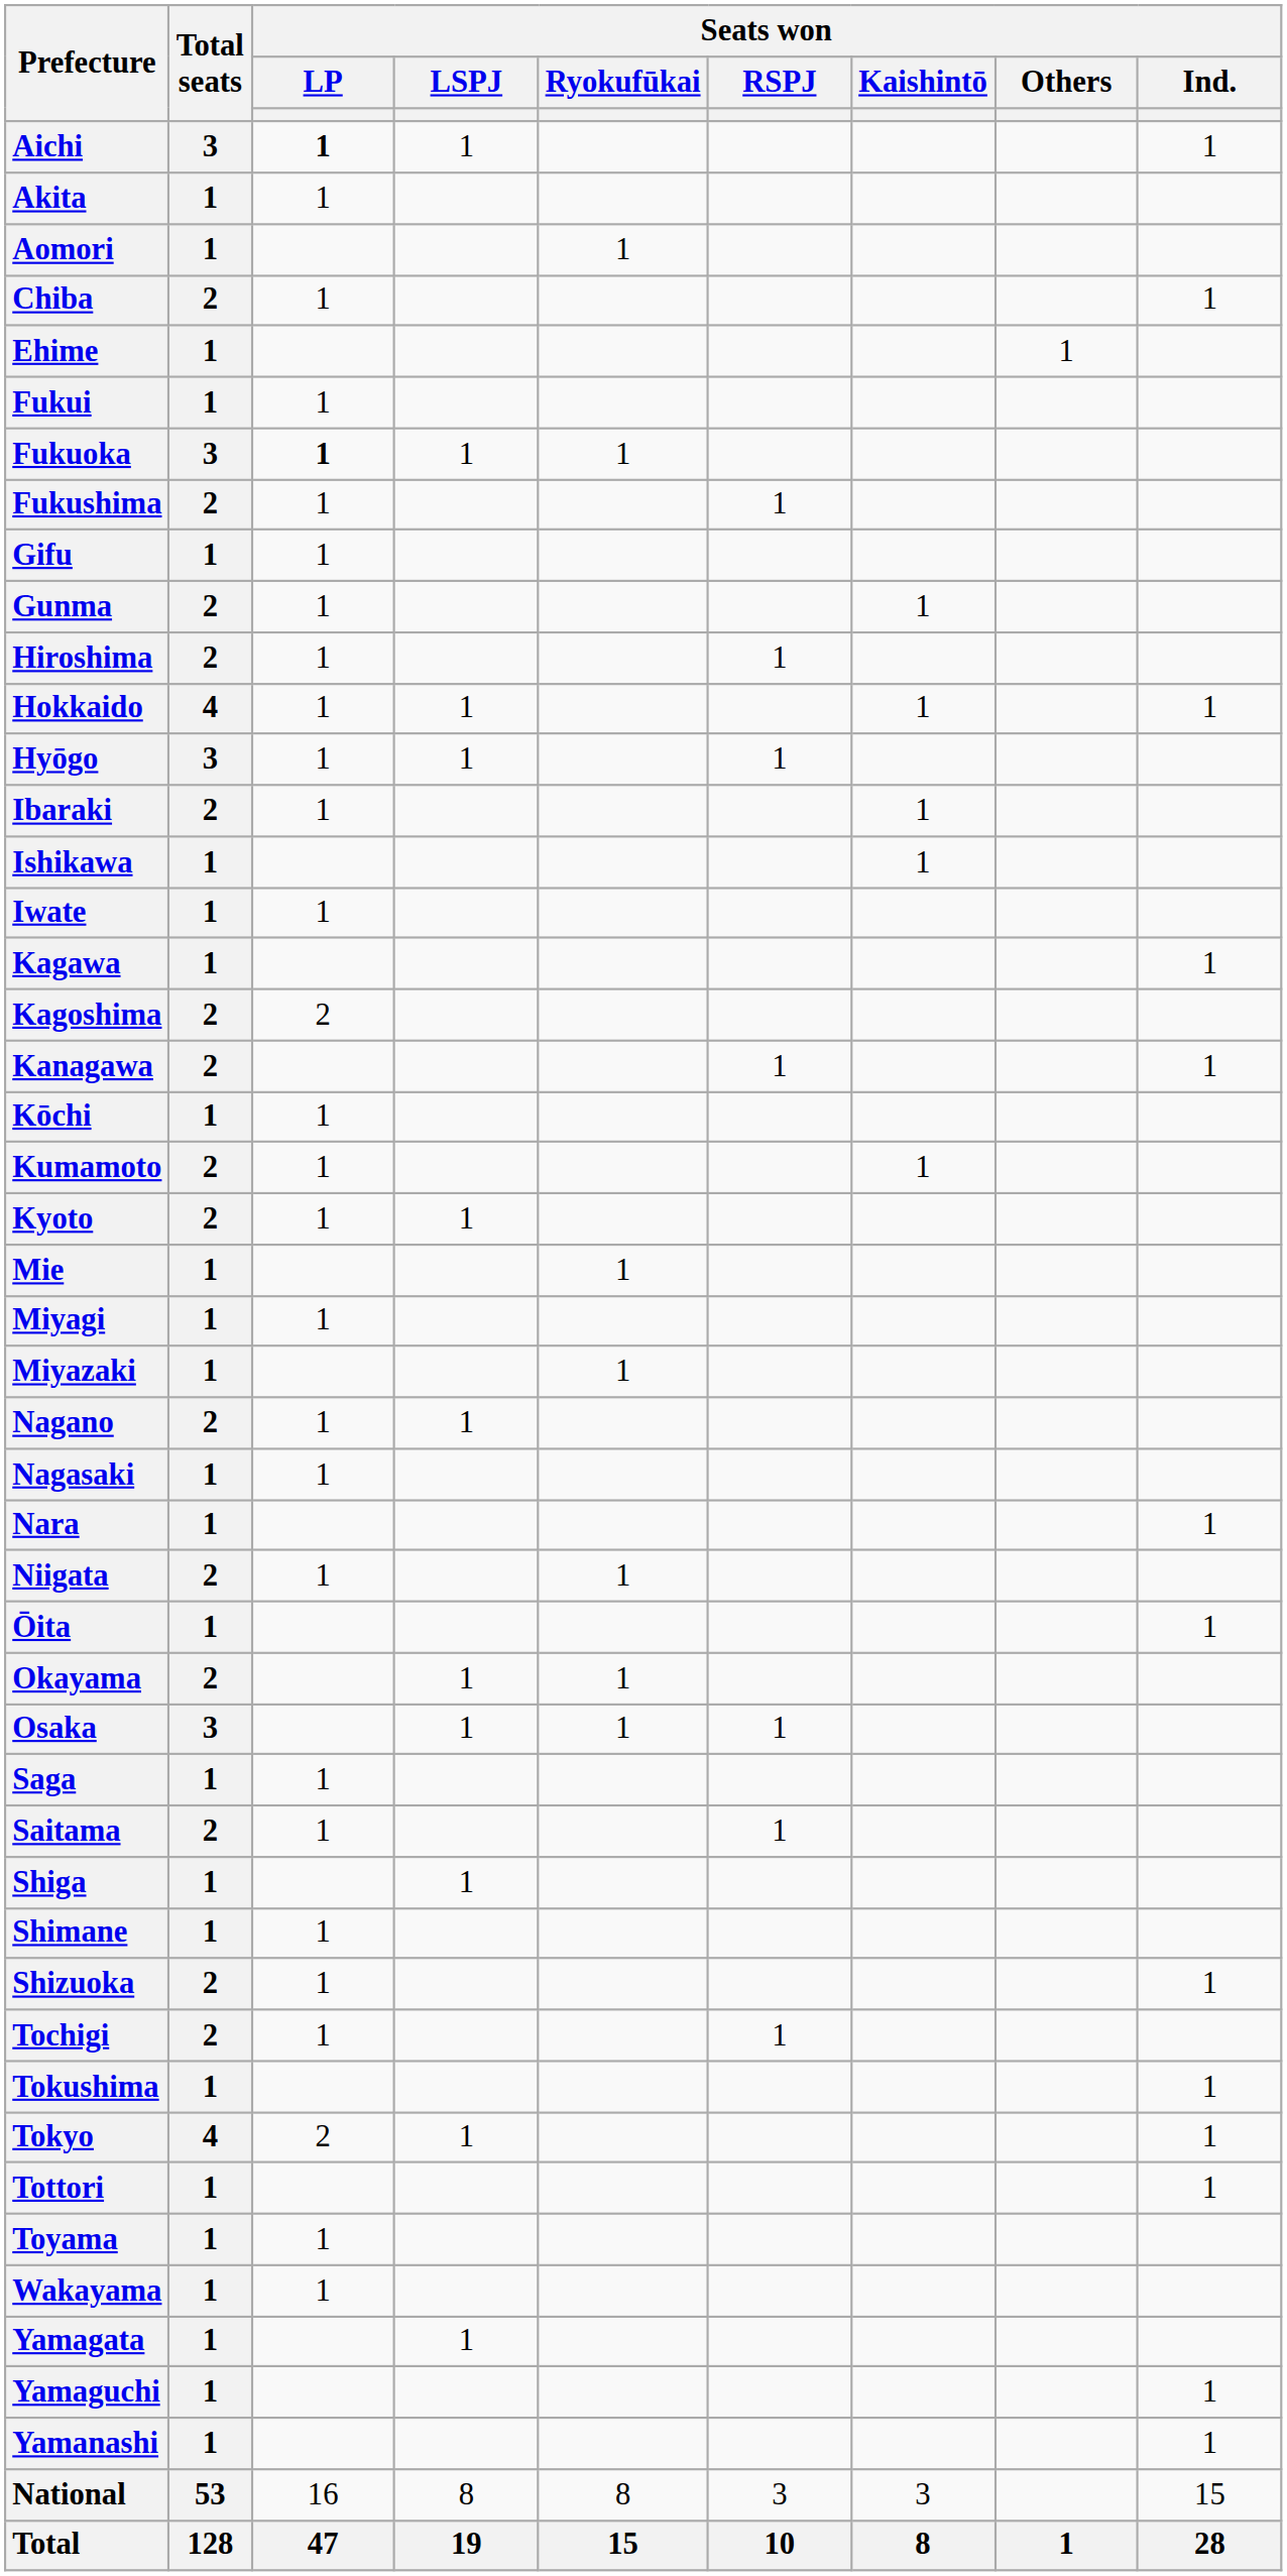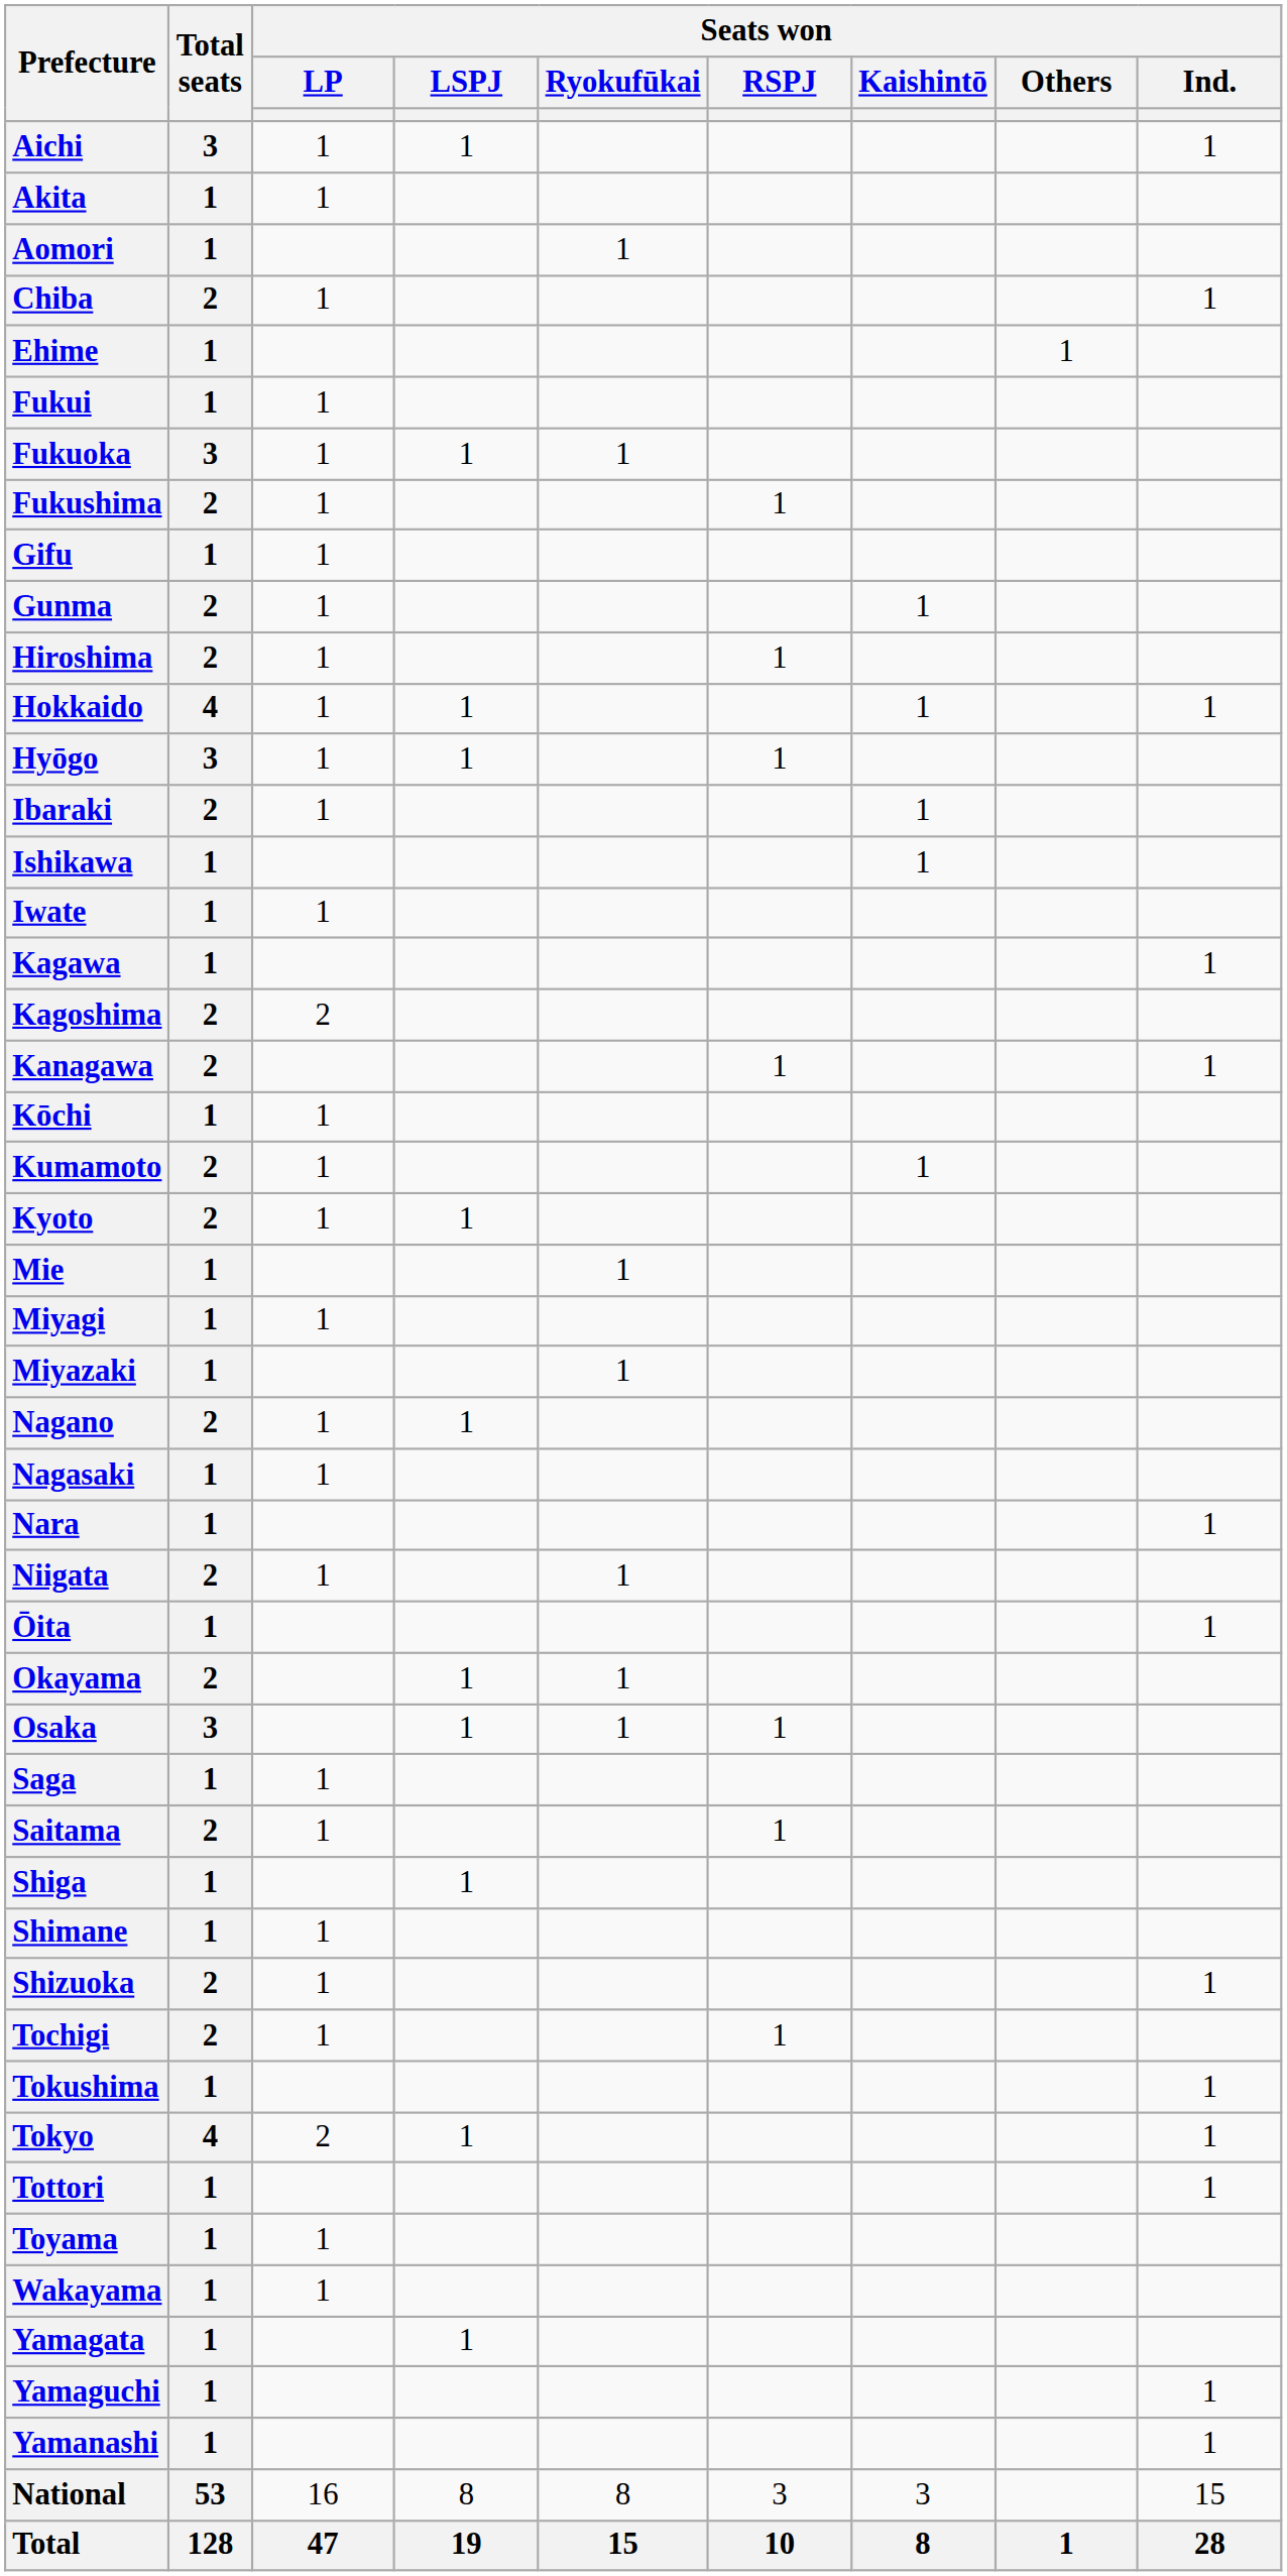 <table class="wikitable" style="text-align:center; font-size: 0.9em;">
 <tr>
 <th rowspan="3">Prefecture</th>
 <th rowspan="3">Total<br>seats</th>
 <th colspan="7">Seats won</th>
 </tr>
 <tr>
 <th class="unsortable" style="width:60px;"><a href='#'>LP</a></th>
 <th class="unsortable" style="width:60px;"><a href='#'>LSPJ</a></th>
 <th class="unsortable" style="width:60px;"><a href='#'>Ryokufūkai</a></th>
 <th class="unsortable" style="width:60px;"><a href='#'>RSPJ</a></th>
 <th class="unsortable" style="width:60px;"><a href='#'>Kaishintō</a></th>
 <th class="unsortable" style="width:60px;">Others</th>
 <th class="unsortable" style="width:60px;">Ind.</th>
 </tr>
 <tr>
 <th style="background:"></th>
 <th style="background:"></th>
 <th style="background:"></th>
 <th style="background:"></th>
 <th style="background:"></th>
 <th></th>
 <th style="background:"></th>
 </tr>
 <tr>
 <th style="text-align: left;"><a href='#'>Aichi</a></th>
 <th>3</th>
-<td><strong>1</strong></td>
+<td>1</td>
 <td>1</td>
 <td></td>
 <td></td>
 <td></td>
 <td></td>
 <td>1</td>
 </tr>
 <tr>
 <th style="text-align: left;"><a href='#'>Akita</a></th>
 <th>1</th>
 <td>1</td>
 <td></td>
 <td></td>
 <td></td>
 <td></td>
 <td></td>
 <td></td>
 </tr>
 <tr>
 <th style="text-align: left;"><a href='#'>Aomori</a></th>
 <th>1</th>
 <td></td>
 <td></td>
 <td>1</td>
 <td></td>
 <td></td>
 <td></td>
 <td></td>
 </tr>
 <tr>
 <th style="text-align: left;"><a href='#'>Chiba</a></th>
 <th>2</th>
 <td>1</td>
 <td></td>
 <td></td>
 <td></td>
 <td></td>
 <td></td>
 <td>1</td>
 </tr>
 <tr>
 <th style="text-align: left;"><a href='#'>Ehime</a></th>
 <th>1</th>
 <td></td>
 <td></td>
 <td></td>
 <td></td>
 <td></td>
 <td>1</td>
 <td></td>
 </tr>
 <tr>
 <th style="text-align: left;"><a href='#'>Fukui</a></th>
 <th>1</th>
 <td>1</td>
 <td></td>
 <td></td>
 <td></td>
 <td></td>
 <td></td>
 <td></td>
 </tr>
 <tr>
 <th style="text-align: left;"><a href='#'>Fukuoka</a></th>
 <th>3</th>
-<td><strong>1</strong></td>
+<td>1</td>
 <td>1</td>
 <td>1</td>
 <td></td>
 <td></td>
 <td></td>
 <td></td>
 </tr>
 <tr>
 <th style="text-align: left;"><a href='#'>Fukushima</a></th>
 <th>2</th>
 <td>1</td>
 <td></td>
 <td></td>
 <td>1</td>
 <td></td>
 <td></td>
 <td></td>
 </tr>
 <tr>
 <th style="text-align: left;"><a href='#'>Gifu</a></th>
 <th>1</th>
 <td>1</td>
 <td></td>
 <td></td>
 <td></td>
 <td></td>
 <td></td>
 <td></td>
 </tr>
 <tr>
 <th style="text-align: left;"><a href='#'>Gunma</a></th>
 <th>2</th>
 <td>1</td>
 <td></td>
 <td></td>
 <td></td>
 <td>1</td>
 <td></td>
 <td></td>
 </tr>
 <tr>
 <th style="text-align: left;"><a href='#'>Hiroshima</a></th>
 <th>2</th>
 <td>1</td>
 <td></td>
 <td></td>
 <td>1</td>
 <td></td>
 <td></td>
 <td></td>
 </tr>
 <tr>
 <th style="text-align: left;"><a href='#'>Hokkaido</a></th>
 <th>4</th>
 <td>1</td>
 <td>1</td>
 <td></td>
 <td></td>
 <td>1</td>
 <td></td>
 <td>1</td>
 </tr>
 <tr>
 <th style="text-align: left;"><a href='#'>Hyōgo</a></th>
 <th>3</th>
 <td>1</td>
 <td>1</td>
 <td></td>
 <td>1</td>
 <td></td>
 <td></td>
 <td></td>
 </tr>
 <tr>
 <th style="text-align: left;"><a href='#'>Ibaraki</a></th>
 <th>2</th>
 <td>1</td>
 <td></td>
 <td></td>
 <td></td>
 <td>1</td>
 <td></td>
 <td></td>
 </tr>
 <tr>
 <th style="text-align: left;"><a href='#'>Ishikawa</a></th>
 <th>1</th>
 <td></td>
 <td></td>
 <td></td>
 <td></td>
 <td>1</td>
 <td></td>
 <td></td>
 </tr>
 <tr>
 <th style="text-align: left;"><a href='#'>Iwate</a></th>
 <th>1</th>
 <td>1</td>
 <td></td>
 <td></td>
 <td></td>
 <td></td>
 <td></td>
 <td></td>
 </tr>
 <tr>
 <th style="text-align: left;"><a href='#'>Kagawa</a></th>
 <th>1</th>
 <td></td>
 <td></td>
 <td></td>
 <td></td>
 <td></td>
 <td></td>
 <td>1</td>
 </tr>
 <tr>
 <th style="text-align: left;"><a href='#'>Kagoshima</a></th>
 <th>2</th>
 <td>2</td>
 <td></td>
 <td></td>
 <td></td>
 <td></td>
 <td></td>
 <td></td>
 </tr>
 <tr>
 <th style="text-align: left;"><a href='#'>Kanagawa</a></th>
 <th>2</th>
 <td></td>
 <td></td>
 <td></td>
 <td>1</td>
 <td></td>
 <td></td>
 <td>1</td>
 </tr>
 <tr>
 <th style="text-align: left;"><a href='#'>Kōchi</a></th>
 <th>1</th>
 <td>1</td>
 <td></td>
 <td></td>
 <td></td>
 <td></td>
 <td></td>
 <td></td>
 </tr>
 <tr>
 <th style="text-align: left;"><a href='#'>Kumamoto</a></th>
 <th>2</th>
 <td>1</td>
 <td></td>
 <td></td>
 <td></td>
 <td>1</td>
 <td></td>
 <td></td>
 </tr>
 <tr>
 <th style="text-align: left;"><a href='#'>Kyoto</a></th>
 <th>2</th>
 <td>1</td>
 <td>1</td>
 <td></td>
 <td></td>
 <td></td>
 <td></td>
 <td></td>
 </tr>
 <tr>
 <th style="text-align: left;"><a href='#'>Mie</a></th>
 <th>1</th>
 <td></td>
 <td></td>
 <td>1</td>
 <td></td>
 <td></td>
 <td></td>
 <td></td>
 </tr>
 <tr>
 <th style="text-align: left;"><a href='#'>Miyagi</a></th>
 <th>1</th>
 <td>1</td>
 <td></td>
 <td></td>
 <td></td>
 <td></td>
 <td></td>
 <td></td>
 </tr>
 <tr>
 <th style="text-align: left;"><a href='#'>Miyazaki</a></th>
 <th>1</th>
 <td></td>
 <td></td>
 <td>1</td>
 <td></td>
 <td></td>
 <td></td>
 <td></td>
 </tr>
 <tr>
 <th style="text-align: left;"><a href='#'>Nagano</a></th>
 <th>2</th>
 <td>1</td>
 <td>1</td>
 <td></td>
 <td></td>
 <td></td>
 <td></td>
 <td></td>
 </tr>
 <tr>
 <th style="text-align: left;"><a href='#'>Nagasaki</a></th>
 <th>1</th>
 <td>1</td>
 <td></td>
 <td></td>
 <td></td>
 <td></td>
 <td></td>
 <td></td>
 </tr>
 <tr>
 <th style="text-align: left;"><a href='#'>Nara</a></th>
 <th>1</th>
 <td></td>
 <td></td>
 <td></td>
 <td></td>
 <td></td>
 <td></td>
 <td>1</td>
 </tr>
 <tr>
 <th style="text-align: left;"><a href='#'>Niigata</a></th>
 <th>2</th>
 <td>1</td>
 <td></td>
 <td>1</td>
 <td></td>
 <td></td>
 <td></td>
 <td></td>
 </tr>
 <tr>
 <th style="text-align: left;"><a href='#'>Ōita</a></th>
 <th>1</th>
 <td></td>
 <td></td>
 <td></td>
 <td></td>
 <td></td>
 <td></td>
 <td>1</td>
 </tr>
 <tr>
 <th style="text-align: left;"><a href='#'>Okayama</a></th>
 <th>2</th>
 <td></td>
 <td>1</td>
 <td>1</td>
 <td></td>
 <td></td>
 <td></td>
 <td></td>
 </tr>
 <tr>
 <th style="text-align: left;"><a href='#'>Osaka</a></th>
 <th>3</th>
 <td></td>
 <td>1</td>
 <td>1</td>
 <td>1</td>
 <td></td>
 <td></td>
 <td></td>
 </tr>
 <tr>
 <th style="text-align: left;"><a href='#'>Saga</a></th>
 <th>1</th>
 <td>1</td>
 <td></td>
 <td></td>
 <td></td>
 <td></td>
 <td></td>
 <td></td>
 </tr>
 <tr>
 <th style="text-align: left;"><a href='#'>Saitama</a></th>
 <th>2</th>
 <td>1</td>
 <td></td>
 <td></td>
 <td>1</td>
 <td></td>
 <td></td>
 <td></td>
 </tr>
 <tr>
 <th style="text-align: left;"><a href='#'>Shiga</a></th>
 <th>1</th>
 <td></td>
 <td>1</td>
 <td></td>
 <td></td>
 <td></td>
 <td></td>
 <td></td>
 </tr>
 <tr>
 <th style="text-align: left;"><a href='#'>Shimane</a></th>
 <th>1</th>
 <td>1</td>
 <td></td>
 <td></td>
 <td></td>
 <td></td>
 <td></td>
 <td></td>
 </tr>
 <tr>
 <th style="text-align: left;"><a href='#'>Shizuoka</a></th>
 <th>2</th>
 <td>1</td>
 <td></td>
 <td></td>
 <td></td>
 <td></td>
 <td></td>
 <td>1</td>
 </tr>
 <tr>
 <th style="text-align: left;"><a href='#'>Tochigi</a></th>
 <th>2</th>
 <td>1</td>
 <td></td>
 <td></td>
 <td>1</td>
 <td></td>
 <td></td>
 <td></td>
 </tr>
 <tr>
 <th style="text-align: left;"><a href='#'>Tokushima</a></th>
 <th>1</th>
 <td></td>
 <td></td>
 <td></td>
 <td></td>
 <td></td>
 <td></td>
 <td>1</td>
 </tr>
 <tr>
 <th style="text-align: left;"><a href='#'>Tokyo</a></th>
 <th>4</th>
 <td>2</td>
 <td>1</td>
 <td></td>
 <td></td>
 <td></td>
 <td></td>
 <td>1</td>
 </tr>
 <tr>
 <th style="text-align: left;"><a href='#'>Tottori</a></th>
 <th>1</th>
 <td></td>
 <td></td>
 <td></td>
 <td></td>
 <td></td>
 <td></td>
 <td>1</td>
 </tr>
 <tr>
 <th style="text-align: left;"><a href='#'>Toyama</a></th>
 <th>1</th>
 <td>1</td>
 <td></td>
 <td></td>
 <td></td>
 <td></td>
 <td></td>
 <td></td>
 </tr>
 <tr>
 <th style="text-align: left;"><a href='#'>Wakayama</a></th>
 <th>1</th>
 <td>1</td>
 <td></td>
 <td></td>
 <td></td>
 <td></td>
 <td></td>
 <td></td>
 </tr>
 <tr>
 <th style="text-align: left;"><a href='#'>Yamagata</a></th>
 <th>1</th>
 <td></td>
 <td>1</td>
 <td></td>
 <td></td>
 <td></td>
 <td></td>
 <td></td>
 </tr>
 <tr>
 <th style="text-align: left;"><a href='#'>Yamaguchi</a></th>
 <th>1</th>
 <td></td>
 <td></td>
 <td></td>
 <td></td>
 <td></td>
 <td></td>
 <td>1</td>
 </tr>
 <tr>
 <th style="text-align: left;"><a href='#'>Yamanashi</a></th>
 <th>1</th>
 <td></td>
 <td></td>
 <td></td>
 <td></td>
 <td></td>
 <td></td>
 <td>1</td>
 </tr>
 <tr>
 <th style="text-align: left;">National</th>
 <th>53</th>
 <td>16</td>
 <td>8</td>
 <td>8</td>
 <td>3</td>
 <td>3</td>
 <td></td>
 <td>15</td>
 </tr>
 <tr class="sortbottom">
 <th style="text-align: left;">Total</th>
 <th>128</th>
 <th>47</th>
 <th>19</th>
 <th>15</th>
 <th>10</th>
 <th>8</th>
 <th>1</th>
 <th>28</th>
 </tr>
 </table>
